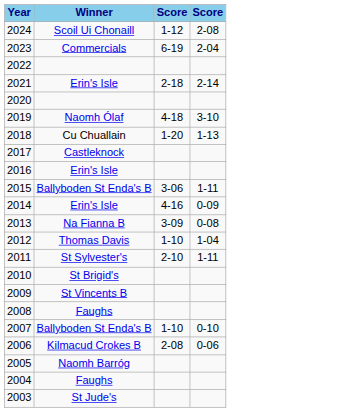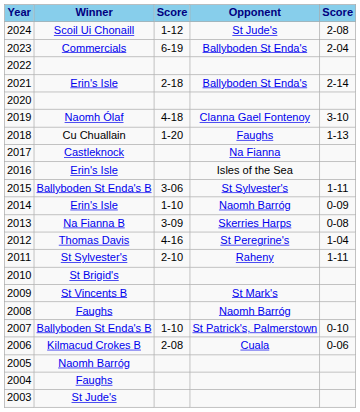 <table class="wikitable" style="text-align:center;">
 <tr>
 <th style="background:skyblue;color:navy;">Year</th>
 <th style="background:skyblue;color:navy;">Winner</th>
 <th style="background:skyblue;color:navy;">Score</th>
+<th style="background:skyblue;color:navy;">Opponent</th>
 <th style="background:skyblue;color:navy;">Score</th>
 </tr>
 <tr>
 <td>2024</td>
 <td><a href='#'>Scoil Ui Chonaill</a></td>
 <td>1-12</td>
+<td><a href='#'>St Jude's</a></td>
 <td>2-08</td>
 </tr>
 <tr>
 <td>2023</td>
 <td><a href='#'>Commercials</a></td>
 <td>6-19</td>
+<td><a href='#'>Ballyboden St Enda's</a></td>
 <td>2-04</td>
 </tr>
 <tr>
 <td>2022</td>
+<td></td>
 <td></td>
 <td></td>
 <td></td>
 </tr>
 <tr>
 <td>2021</td>
 <td><a href='#'>Erin's Isle</a></td>
 <td>2-18</td>
+<td><a href='#'>Ballyboden St Enda's</a></td>
 <td>2-14</td>
 </tr>
 <tr>
 <td>2020</td>
+<td></td>
 <td></td>
 <td></td>
 <td></td>
 </tr>
 <tr>
 <td>2019</td>
 <td><a href='#'>Naomh Ólaf</a></td>
 <td>4-18</td>
+<td><a href='#'>Clanna Gael Fontenoy</a></td>
 <td>3-10</td>
 </tr>
 <tr>
 <td>2018</td>
 <td>Cu Chuallain</td>
 <td>1-20</td>
+<td><a href='#'>Faughs</a></td>
 <td>1-13</td>
 </tr>
 <tr>
 <td>2017</td>
 <td><a href='#'>Castleknock</a></td>
 <td></td>
+<td><a href='#'>Na Fianna</a></td>
 <td></td>
 </tr>
 <tr>
 <td>2016</td>
 <td><a href='#'>Erin's Isle</a></td>
 <td></td>
+<td>Isles of the Sea</td>
 <td></td>
 </tr>
 <tr>
 <td>2015</td>
 <td><a href='#'>Ballyboden St Enda's B</a></td>
 <td>3-06</td>
+<td><a href='#'>St Sylvester's</a></td>
 <td>1-11</td>
 </tr>
 <tr>
 <td>2014</td>
 <td><a href='#'>Erin's Isle</a></td>
-<td>4-16</td>
+<td>1-10</td>
+<td><a href='#'>Naomh Barróg</a></td>
 <td>0-09</td>
 </tr>
 <tr>
 <td>2013</td>
 <td><a href='#'>Na Fianna B</a></td>
 <td>3-09</td>
+<td><a href='#'>Skerries Harps</a></td>
 <td>0-08</td>
 </tr>
 <tr>
 <td>2012</td>
 <td><a href='#'>Thomas Davis</a></td>
-<td>1-10</td>
+<td>4-16</td>
+<td><a href='#'>St Peregrine's</a></td>
 <td>1-04</td>
 </tr>
 <tr>
 <td>2011</td>
 <td><a href='#'>St Sylvester's</a></td>
 <td>2-10</td>
+<td><a href='#'>Raheny</a></td>
 <td>1-11</td>
 </tr>
 <tr>
 <td>2010</td>
 <td><a href='#'>St Brigid's</a></td>
 <td></td>
 <td></td>
+<td></td>
 </tr>
 <tr>
 <td>2009</td>
 <td><a href='#'>St Vincents B</a></td>
 <td></td>
+<td><a href='#'>St Mark's</a></td>
 <td></td>
 </tr>
 <tr>
 <td>2008</td>
 <td><a href='#'>Faughs</a></td>
 <td></td>
+<td><a href='#'>Naomh Barróg</a></td>
 <td></td>
 </tr>
 <tr>
 <td>2007</td>
 <td><a href='#'>Ballyboden St Enda's B</a></td>
 <td>1-10</td>
+<td><a href='#'>St Patrick's, Palmerstown</a></td>
 <td>0-10</td>
 </tr>
 <tr>
 <td>2006</td>
 <td><a href='#'>Kilmacud Crokes B</a></td>
 <td>2-08</td>
+<td><a href='#'>Cuala</a></td>
 <td>0-06</td>
 </tr>
 <tr>
 <td>2005</td>
 <td><a href='#'>Naomh Barróg</a></td>
+<td></td>
 <td></td>
 <td></td>
 </tr>
 <tr>
 <td>2004</td>
 <td><a href='#'>Faughs</a></td>
 <td></td>
 <td></td>
+<td></td>
 </tr>
 <tr>
 <td>2003</td>
 <td><a href='#'>St Jude's</a></td>
 <td></td>
 <td></td>
+<td></td>
 </tr>
 </table>
